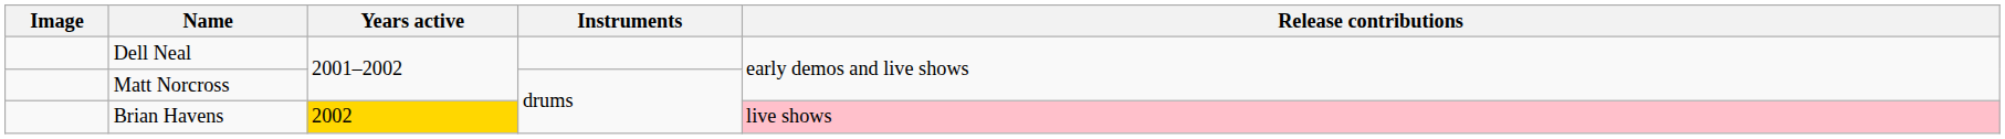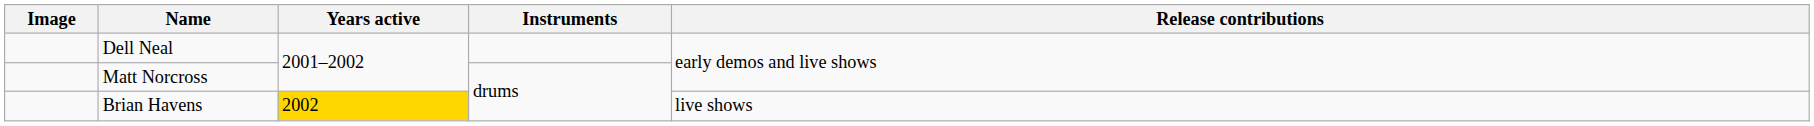 <table class="wikitable" width="100%" border="1">
 <tr>
 <th width="75">Image</th>
 <th width="150">Name</th>
 <th width="160">Years active</th>
 <th width="170">Instruments</th>
 <th>Release contributions</th>
 </tr>
 <tr>
 <td></td>
 <td>Dell Neal</td>
 <td rowspan="2">2001–2002</td>
 <td></td>
 <td rowspan="2">early demos and live shows</td>
 </tr>
 <tr>
 <td></td>
 <td>Matt Norcross</td>
 <td rowspan="2">drums</td>
 </tr>
 <tr>
 <td></td>
 <td>Brian Havens</td>
 <td style="background: gold;">2002</td>
-<td style="background: pink;">live shows</td>
+<td>live shows</td>
 </tr>
 </table>
